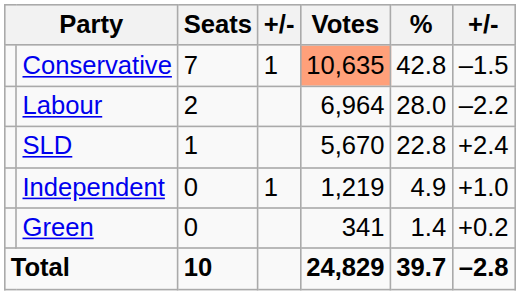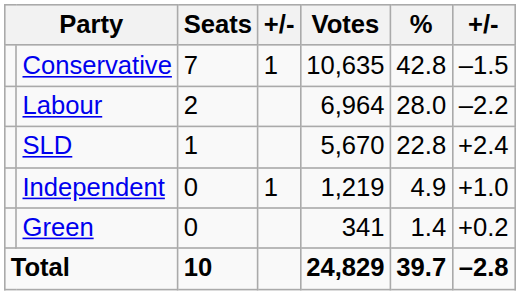 <table class="wikitable sortable">
 <tr>
 <th colspan="2">Party</th>
 <th>Seats</th>
 <th>+/-</th>
 <th>Votes</th>
 <th>%</th>
 <th>+/-</th>
 </tr>
 <tr>
 <td style="background-color: "></td>
 <td><a href='#'>Conservative</a></td>
 <td>7</td>
 <td> 1</td>
-<td style="background: lightsalmon; text-align:right;">10,635</td>
+<td style="text-align:right;">10,635</td>
 <td style="text-align:right;">42.8</td>
 <td style="text-align:right;">–1.5</td>
 </tr>
 <tr>
 <td style="background-color: "></td>
 <td><a href='#'>Labour</a></td>
 <td>2</td>
 <td></td>
 <td style="text-align:right;">6,964</td>
 <td style="text-align:right;">28.0</td>
 <td style="text-align:right;">–2.2</td>
 </tr>
 <tr>
 <td style="background-color: "></td>
 <td><a href='#'>SLD</a></td>
 <td>1</td>
 <td></td>
 <td style="text-align:right;">5,670</td>
 <td style="text-align:right;">22.8</td>
 <td style="text-align:right;">+2.4</td>
 </tr>
 <tr>
 <td style="background-color: "></td>
 <td><a href='#'>Independent</a></td>
 <td>0</td>
 <td> 1</td>
 <td style="text-align:right;">1,219</td>
 <td style="text-align:right;">4.9</td>
 <td style="text-align:right;">+1.0</td>
 </tr>
 <tr>
 <td style="background-color: "></td>
 <td><a href='#'>Green</a></td>
 <td>0</td>
 <td></td>
 <td style="text-align:right;">341</td>
 <td style="text-align:right;">1.4</td>
 <td style="text-align:right;">+0.2</td>
 </tr>
 <tr>
 <td colspan="2"><strong>Total</strong></td>
 <td><strong>10</strong></td>
 <td></td>
 <td style="text-align:right;"><strong>24,829</strong></td>
 <td style="text-align:right;"><strong>39.7</strong></td>
 <td style="text-align:right;"><strong>–2.8</strong></td>
 </tr>
 </table>
